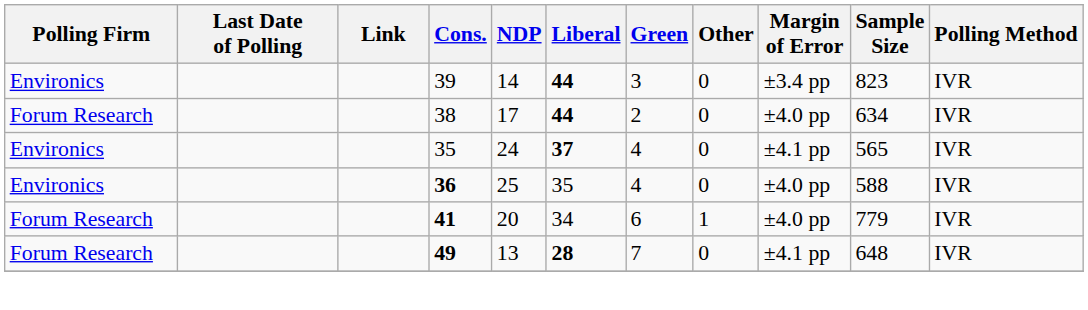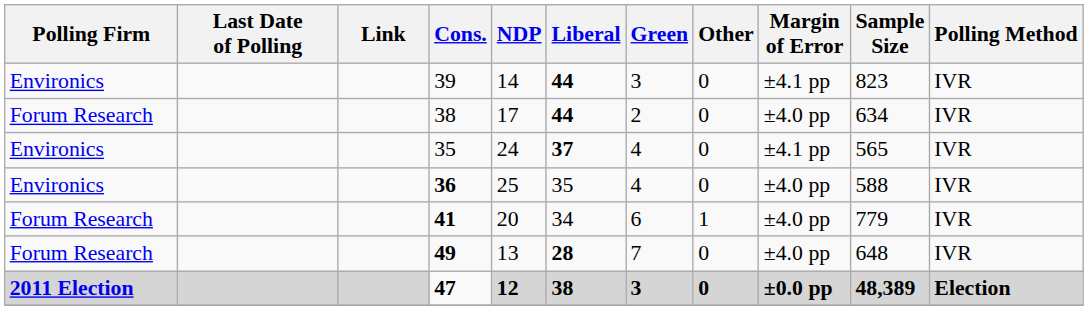 <table class="wikitable sortable">
 <tr style="background:#e9e9e9;">
 <th style="width:120px">Polling Firm</th>
 <th style="width:110px">Last Date<br>of Polling</th>
 <th style="width:60px" class="unsortable">Link</th>
 <th style="background-color:"><strong><a href='#'>Cons.</a></strong></th>
 <th style="background-color:"><strong><a href='#'>NDP</a></strong></th>
 <th style="background-color:"><strong><a href='#'>Liberal</a></strong></th>
 <th style="background-color:"><strong><a href='#'>Green</a></strong></th>
 <th style="background-color:"><strong>Other</strong></th>
 <th style="width:60px;" class=unsortable>Margin<br>of Error</th>
 <th style="width:50px;" class=unsortable>Sample<br>Size</th>
 <th class=unsortable>Polling Method</th>
 </tr>
 <tr>
 <td><a href='#'>Environics</a></td>
 <td></td>
 <td></td>
 <td>39</td>
 <td>14</td>
 <td><strong>44</strong></td>
 <td>3</td>
 <td>0</td>
-<td>±3.4 pp</td>
+<td>±4.1 pp</td>
 <td>823</td>
 <td>IVR</td>
 </tr>
 <tr>
 <td><a href='#'>Forum Research</a></td>
 <td></td>
 <td></td>
 <td>38</td>
 <td>17</td>
 <td><strong>44</strong></td>
 <td>2</td>
 <td>0</td>
 <td>±4.0 pp</td>
 <td>634</td>
 <td>IVR</td>
 </tr>
 <tr>
 <td><a href='#'>Environics</a></td>
 <td></td>
 <td></td>
 <td>35</td>
 <td>24</td>
 <td><strong>37</strong></td>
 <td>4</td>
 <td>0</td>
 <td>±4.1 pp</td>
 <td>565</td>
 <td>IVR</td>
 </tr>
 <tr>
 <td><a href='#'>Environics</a></td>
 <td></td>
 <td></td>
 <td><strong>36</strong></td>
 <td>25</td>
 <td>35</td>
 <td>4</td>
 <td>0</td>
 <td>±4.0 pp</td>
 <td>588</td>
 <td>IVR</td>
 </tr>
 <tr>
 <td><a href='#'>Forum Research</a></td>
 <td></td>
 <td></td>
 <td><strong>41</strong></td>
 <td>20</td>
 <td>34</td>
 <td>6</td>
 <td>1</td>
 <td>±4.0 pp</td>
 <td>779</td>
 <td>IVR</td>
 </tr>
 <tr>
 <td><a href='#'>Forum Research</a></td>
 <td></td>
 <td></td>
 <td><strong>49</strong></td>
 <td>13</td>
 <td><strong>28</strong></td>
 <td>7</td>
 <td>0</td>
-<td>±4.1 pp</td>
+<td>±4.0 pp</td>
 <td>648</td>
 <td>IVR</td>
+</tr>
+<tr>
+<td style="background:#D5D5D5"><strong><a href='#'>2011 Election</a></strong></td>
+<td style="background:#D5D5D5"><strong></strong></td>
+<td style="background:#D5D5D5"></td>
+<td><strong>47</strong></td>
+<td style="background:#D5D5D5"><strong>12</strong></td>
+<td style="background:#D5D5D5"><strong>38</strong></td>
+<td style="background:#D5D5D5"><strong>3</strong></td>
+<td style="background:#D5D5D5"><strong>0</strong></td>
+<td style="background:#D5D5D5"><strong>±0.0 pp</strong></td>
+<td style="background:#D5D5D5"><strong>48,389</strong></td>
+<td style="background:#D5D5D5"><strong>Election</strong></td>
 </tr>
 <tr>
 </tr>
 <tr>
 </tr>
 </table>
